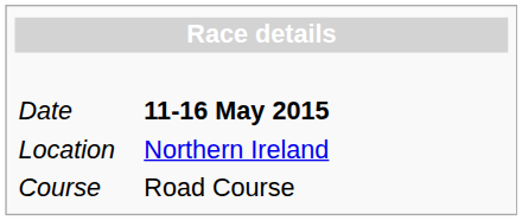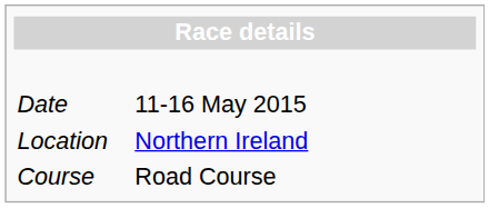 <table class="infobox" align="right" cellpadding="2" style="float:right; width: 20em;">
 <tr>
 </tr>
 <tr>
 <th colspan="3" style="background:lightgrey; color:#ffffff;">Race details</th>
 </tr>
 <tr>
 <td colspan="3" style="text-align:center;"><br></td>
 </tr>
 <tr>
 <td style="width: 25%;"><em>Date</em></td>
-<td><strong>11-16 May 2015</strong></td>
+<td>11-16 May 2015</td>
 </tr>
 <tr>
 <td><em>Location</em></td>
 <td colspan=3><a href='#'>Northern Ireland</a></td>
 </tr>
 <tr>
 <td><em>Course</em></td>
 <td colspan=3>Road Course <br> </td>
 </tr>
 </table>
